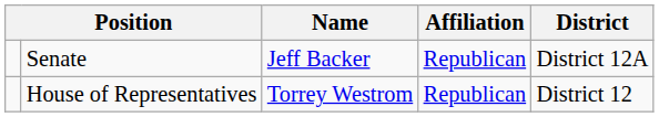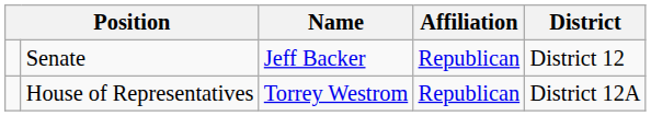 <table class="wikitable">
 <tr>
 <th colspan="2">Position</th>
 <th>Name</th>
 <th>Affiliation</th>
 <th>District</th>
 </tr>
 <tr>
 <td style="background-color:"> </td>
 <td>Senate</td>
 <td><a href='#'>Jeff Backer</a></td>
 <td><a href='#'>Republican</a></td>
-<td>District 12A</td>
+<td>District 12</td>
 </tr>
 <tr>
 <td style="background-color:"> </td>
 <td>House of Representatives</td>
 <td><a href='#'>Torrey Westrom</a></td>
 <td><a href='#'>Republican</a></td>
-<td>District 12</td>
+<td>District 12A</td>
 </tr>
 </table>
